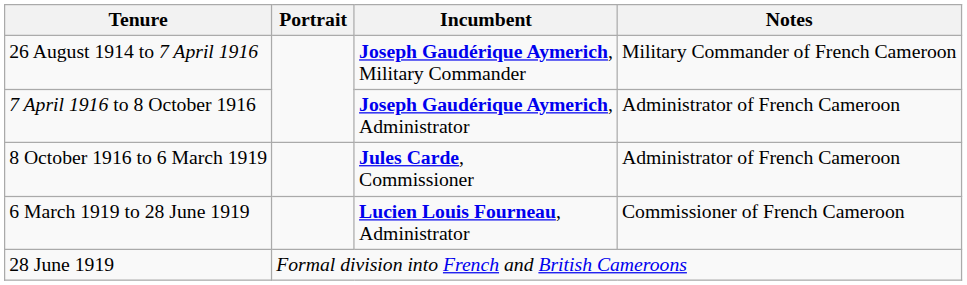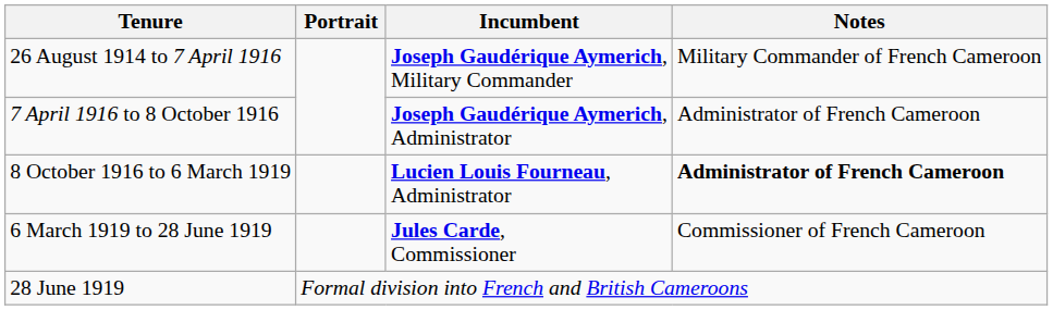 <table class="wikitable">
 <tr align=left>
 <th>Tenure</th>
 <th width=60px>Portrait</th>
 <th>Incumbent</th>
 <th>Notes</th>
 </tr>
 <tr valign=top>
 <td>26 August 1914 to <em>7 April 1916</em></td>
 <td rowspan=2></td>
 <td><strong><a href='#'>Joseph Gaudérique Aymerich</a></strong>, <br>Military Commander</td>
 <td>Military Commander of French Cameroon</td>
 </tr>
 <tr valign=top>
 <td><em>7 April 1916</em> to 8 October 1916</td>
 <td><strong><a href='#'>Joseph Gaudérique Aymerich</a></strong>, <br>Administrator</td>
 <td>Administrator of French Cameroon</td>
 </tr>
 <tr valign=top>
 <td>8 October 1916 to 6 March 1919</td>
 <td></td>
-<td><strong><a href='#'>Jules Carde</a></strong>, <br>Commissioner</td>
-<td>Administrator of French Cameroon</td>
+<td><strong><a href='#'>Lucien Louis Fourneau</a></strong>, <br>Administrator</td>
+<td><strong>Administrator of French Cameroon</strong></td>
 </tr>
 <tr valign=top>
 <td>6 March 1919 to 28 June 1919</td>
 <td></td>
-<td><strong><a href='#'>Lucien Louis Fourneau</a></strong>, <br>Administrator</td>
+<td><strong><a href='#'>Jules Carde</a></strong>, <br>Commissioner</td>
 <td>Commissioner of French Cameroon</td>
 </tr>
 <tr valign=top>
 <td>28 June 1919</td>
 <td colspan="4"><em>Formal division into <a href='#'>French</a> and <a href='#'>British Cameroons</a></em></td>
 </tr>
 </table>
